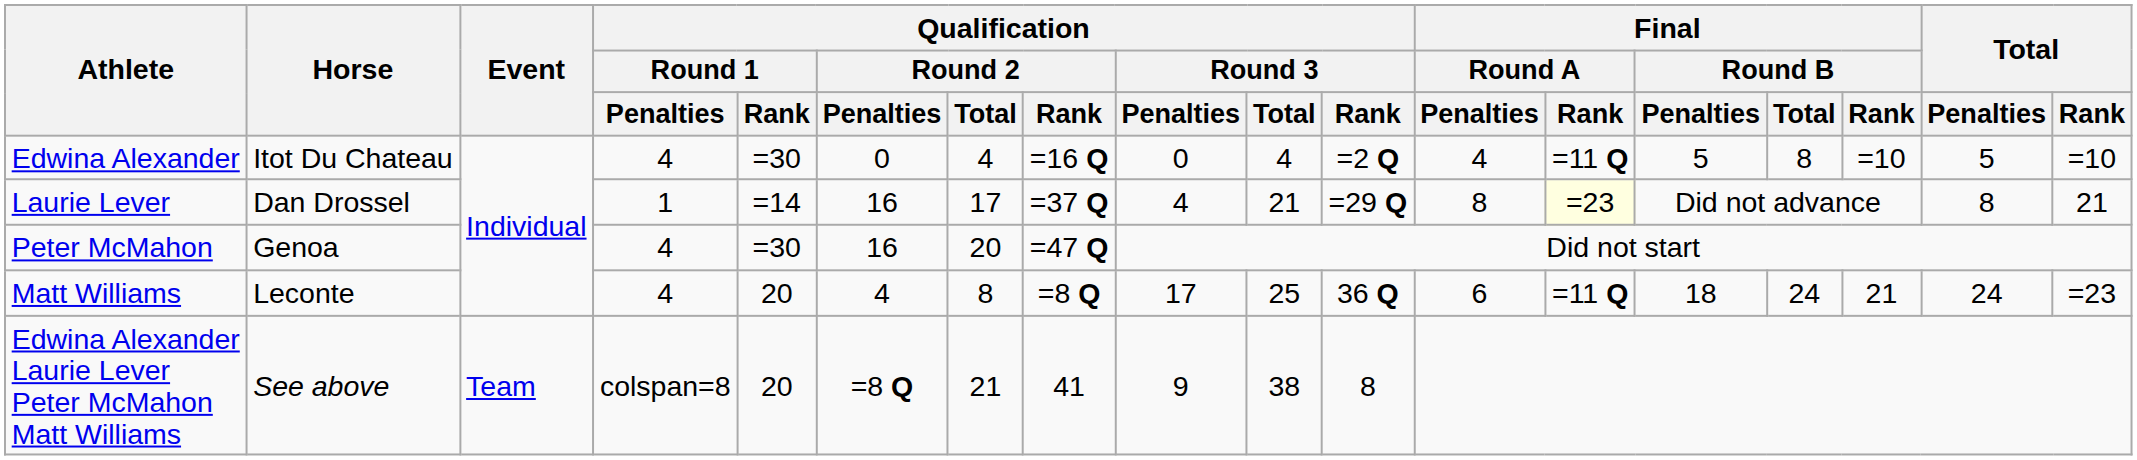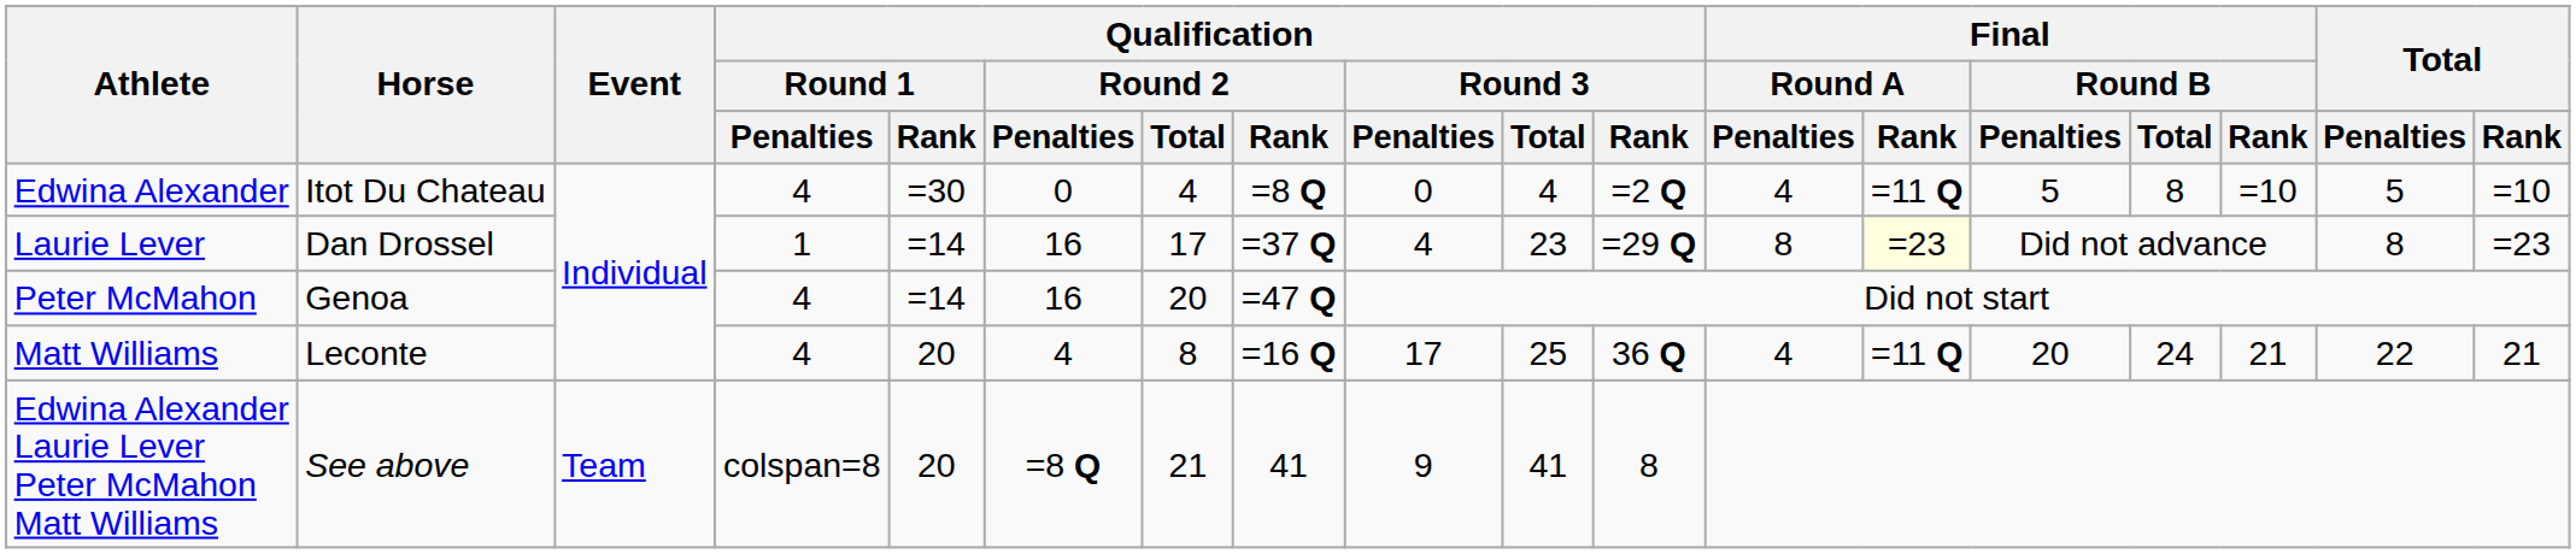 <table class="wikitable" style="font-size:90%">
 <tr>
 <th rowspan="3">Athlete</th>
 <th rowspan="3">Horse</th>
 <th rowspan="3">Event</th>
 <th colspan="8">Qualification</th>
 <th colspan="5">Final</th>
 <th rowspan=2 colspan="2">Total</th>
 </tr>
 <tr style="font-size:95%">
 <th colspan="2">Round 1</th>
 <th colspan="3">Round 2</th>
 <th colspan="3">Round 3</th>
 <th colspan="2">Round A</th>
 <th colspan="3">Round B</th>
 </tr>
 <tr style="font-size:95%">
 <th>Penalties</th>
 <th>Rank</th>
 <th>Penalties</th>
 <th>Total</th>
 <th>Rank</th>
 <th>Penalties</th>
 <th>Total</th>
 <th>Rank</th>
 <th>Penalties</th>
 <th>Rank</th>
 <th>Penalties</th>
 <th>Total</th>
 <th>Rank</th>
 <th>Penalties</th>
 <th>Rank</th>
 </tr>
 <tr align=center>
 <td align=left><a href='#'>Edwina Alexander</a></td>
 <td align=left>Itot Du Chateau</td>
 <td align=left rowspan=4><a href='#'>Individual</a></td>
 <td>4</td>
 <td>=30</td>
 <td>0</td>
 <td>4</td>
-<td>=16 <strong>Q</strong></td>
+<td>=8 <strong>Q</strong></td>
 <td>0</td>
 <td>4</td>
 <td>=2 <strong>Q</strong></td>
 <td>4</td>
 <td>=11 <strong>Q</strong></td>
 <td>5</td>
 <td>8</td>
 <td>=10</td>
 <td>5</td>
 <td>=10</td>
 </tr>
 <tr align=center>
 <td align=left><a href='#'>Laurie Lever</a></td>
 <td align=left>Dan Drossel</td>
 <td>1</td>
 <td>=14</td>
 <td>16</td>
 <td>17</td>
 <td>=37 <strong>Q</strong></td>
 <td>4</td>
-<td>21</td>
+<td>23</td>
 <td>=29 <strong>Q</strong></td>
 <td>8</td>
 <td style="background: lightyellow;">=23</td>
 <td colspan=3>Did not advance</td>
 <td>8</td>
-<td>21</td>
+<td>=23</td>
 </tr>
 <tr align=center>
 <td align=left><a href='#'>Peter McMahon</a></td>
 <td align=left>Genoa</td>
 <td>4</td>
-<td>=30</td>
+<td>=14</td>
 <td>16</td>
 <td>20</td>
 <td>=47 <strong>Q</strong></td>
 <td colspan=10>Did not start</td>
 </tr>
 <tr align=center>
 <td align=left><a href='#'>Matt Williams</a></td>
 <td align=left>Leconte</td>
 <td>4</td>
 <td>20</td>
 <td>4</td>
 <td>8</td>
-<td>=8 <strong>Q</strong></td>
+<td>=16 <strong>Q</strong></td>
 <td>17</td>
 <td>25</td>
 <td>36 <strong>Q</strong></td>
-<td>6</td>
+<td>4</td>
 <td>=11 <strong>Q</strong></td>
-<td>18</td>
+<td>20</td>
 <td>24</td>
 <td>21</td>
-<td>24</td>
-<td>=23</td>
+<td>22</td>
+<td>21</td>
 </tr>
 <tr align=center>
 <td align=left><a href='#'>Edwina Alexander</a><br><a href='#'>Laurie Lever</a><br><a href='#'>Peter McMahon</a><br><a href='#'>Matt Williams</a></td>
 <td align=left><em>See above</em></td>
 <td align=left><a href='#'>Team</a></td>
 <td>colspan=8 </td>
 <td>20</td>
 <td>=8 <strong>Q</strong></td>
 <td>21</td>
 <td>41</td>
 <td>9</td>
-<td>38</td>
+<td>41</td>
 <td>8</td>
 </tr>
 </table>
